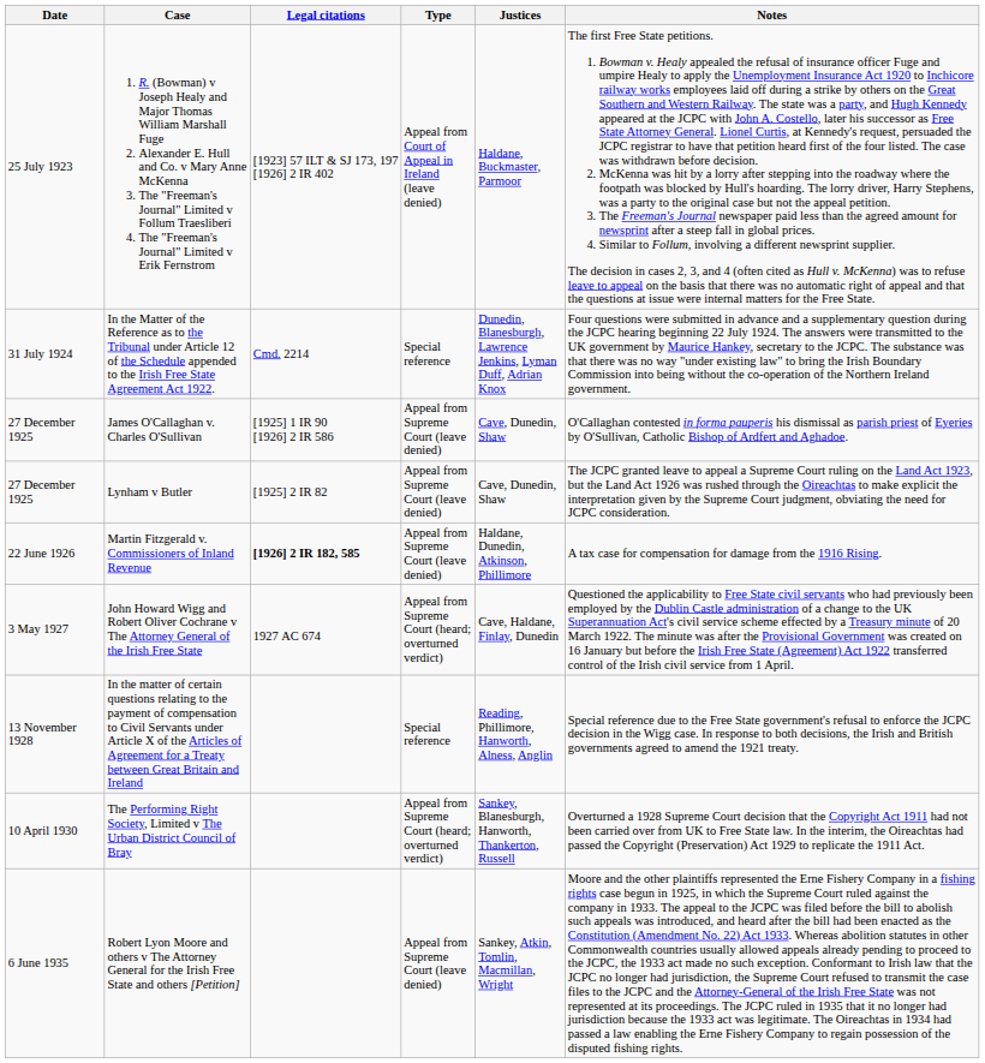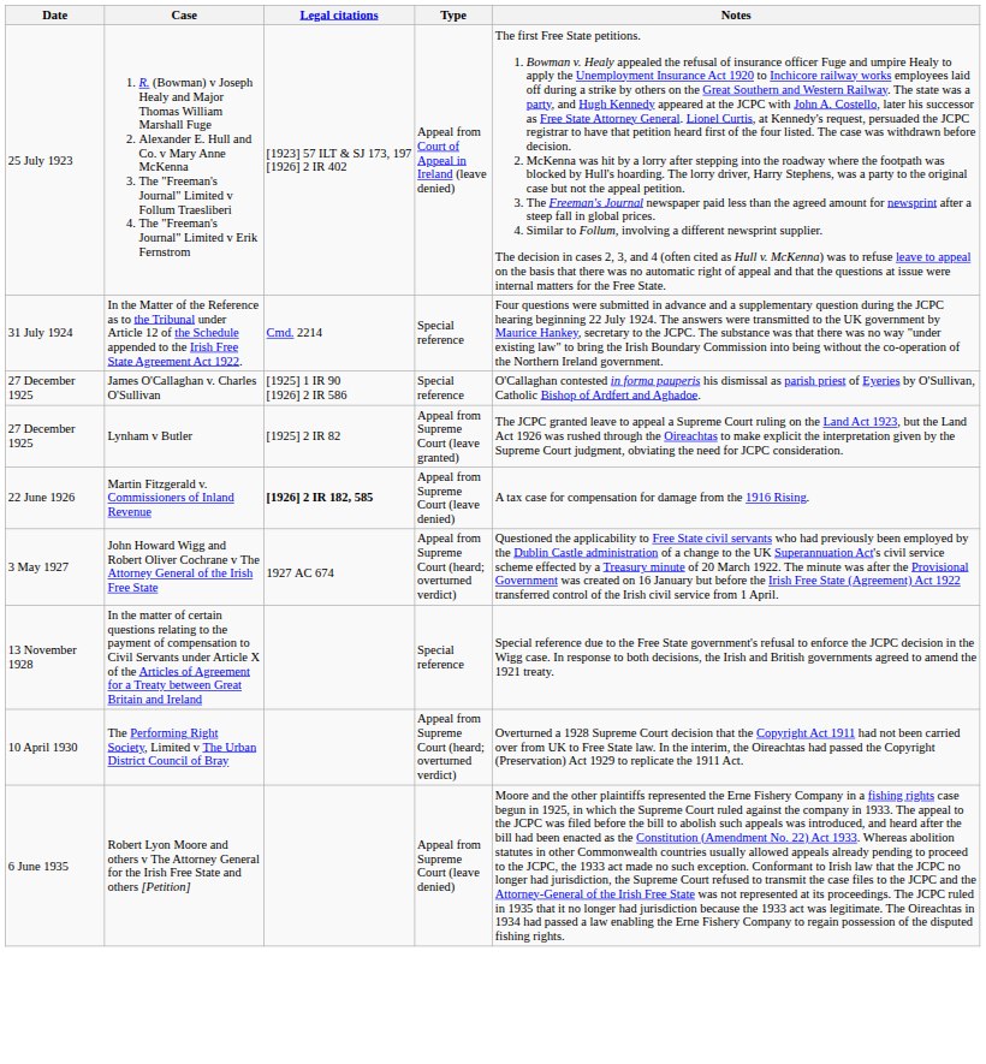 <table class="wikitable">
 <tr>
 <th>Date</th>
 <th>Case</th>
 <th><a href='#'>Legal citations</a></th>
 <th>Type</th>
-<th>Justices</th>
 <th>Notes</th>
 </tr>
 <tr>
 <td>25 July 1923</td>
 <td><br><ol><li><em><a href='#'>R.</a></em> (Bowman) v Joseph Healy and Major Thomas William Marshall Fuge</li><li>Alexander E. Hull and Co. v Mary Anne McKenna</li><li>The "Freeman's Journal" Limited v Follum Traesliberi</li><li>The "Freeman's Journal" Limited v Erik Fernstrom</li></ol></td>
 <td>[1923] 57 ILT & SJ 173, 197<br>[1926] 2 IR 402</td>
 <td>Appeal from <a href='#'>Court of Appeal in Ireland</a> (leave denied)</td>
-<td><a href='#'>Haldane</a>, <a href='#'>Buckmaster</a>, <a href='#'>Parmoor</a></td>
 <td>The first Free State petitions.<br><ol><li><em>Bowman v. Healy</em> appealed the refusal of insurance officer Fuge and umpire Healy to apply the <a href='#'>Unemployment Insurance Act 1920</a> to <a href='#'>Inchicore railway works</a> employees laid off during a strike by others on the <a href='#'>Great Southern and Western Railway</a>. The state was a <a href='#'>party</a>, and <a href='#'>Hugh Kennedy</a> appeared at the JCPC with <a href='#'>John A. Costello</a>, later his successor as <a href='#'>Free State Attorney General</a>. <a href='#'>Lionel Curtis</a>, at Kennedy's request, persuaded the JCPC registrar to have that petition heard first of the four listed. The case was withdrawn before decision.</li><li>McKenna was hit by a lorry after stepping into the roadway where the footpath was blocked by Hull's hoarding. The lorry driver, Harry Stephens, was a party to the original case but not the appeal petition.</li><li>The <em><a href='#'>Freeman's Journal</a></em> newspaper paid less than the agreed amount for <a href='#'>newsprint</a> after a steep fall in global prices.</li><li>Similar to <em>Follum</em>, involving a different newsprint supplier.</li></ol>The decision in cases 2, 3, and 4 (often cited as <em>Hull v. McKenna</em>) was to refuse <a href='#'>leave to appeal</a> on the basis that there was no automatic right of appeal and that the questions at issue were internal matters for the Free State.</td>
 </tr>
 <tr>
 <td>31 July 1924</td>
 <td>In the Matter of the Reference as to <a href='#'>the Tribunal</a> under Article 12 of <a href='#'>the Schedule</a> appended to the <a href='#'>Irish Free State Agreement Act 1922</a>.</td>
 <td><a href='#'>Cmd.</a> 2214</td>
 <td>Special reference</td>
-<td><a href='#'>Dunedin</a>, <a href='#'>Blanesburgh</a>, <a href='#'>Lawrence Jenkins</a>, <a href='#'>Lyman Duff</a>, <a href='#'>Adrian Knox</a></td>
 <td>Four questions were submitted in advance and a supplementary question during the JCPC hearing beginning 22 July 1924. The answers were transmitted to the UK government by <a href='#'>Maurice Hankey</a>, secretary to the JCPC. The substance was that there was no way "under existing law" to bring the Irish Boundary Commission into being without the co-operation of the Northern Ireland government.</td>
 </tr>
 <tr>
 <td>27 December 1925</td>
 <td>James O'Callaghan v. Charles O'Sullivan</td>
 <td>[1925] 1 IR 90<br>[1926] 2 IR 586</td>
-<td>Appeal from Supreme Court (leave denied)</td>
-<td><a href='#'>Cave</a>, Dunedin, <a href='#'>Shaw</a></td>
+<td>Special reference</td>
 <td>O'Callaghan contested <em><a href='#'>in forma pauperis</a></em> his dismissal as <a href='#'>parish priest</a> of <a href='#'>Eyeries</a> by O'Sullivan, Catholic <a href='#'>Bishop of Ardfert and Aghadoe</a>.</td>
 </tr>
 <tr>
 <td>27 December 1925</td>
 <td>Lynham v Butler</td>
 <td>[1925] 2 IR 82</td>
-<td>Appeal from Supreme Court (leave denied)</td>
-<td>Cave, Dunedin, Shaw</td>
+<td>Appeal from Supreme Court (leave granted)</td>
 <td>The JCPC granted leave to appeal a Supreme Court ruling on the <a href='#'>Land Act 1923</a>, but the Land Act 1926 was rushed through the <a href='#'>Oireachtas</a> to make explicit the interpretation given by the Supreme Court judgment, obviating the need for JCPC consideration.</td>
 </tr>
 <tr>
 <td>22 June 1926</td>
 <td>Martin Fitzgerald v. <a href='#'>Commissioners of Inland Revenue</a></td>
 <td><strong>[1926] 2 IR 182, 585</strong></td>
 <td>Appeal from Supreme Court (leave denied)</td>
-<td>Haldane, Dunedin, <a href='#'>Atkinson</a>, <a href='#'>Phillimore</a></td>
 <td>A tax case for compensation for damage from the <a href='#'>1916 Rising</a>.</td>
 </tr>
 <tr>
 <td width="120pt">3 May 1927</td>
 <td>John Howard Wigg and Robert Oliver Cochrane v The <a href='#'>Attorney General of the Irish Free State</a></td>
 <td><br>1927 AC 674</td>
 <td>Appeal from Supreme Court (heard; overturned verdict)</td>
-<td>Cave, Haldane, <a href='#'>Finlay</a>, Dunedin</td>
 <td>Questioned the applicability to <a href='#'>Free State civil servants</a> who had previously been employed by the <a href='#'>Dublin Castle administration</a> of a change to the UK <a href='#'>Superannuation Act</a>'s civil service scheme effected by a <a href='#'>Treasury minute</a> of 20 March 1922. The minute was after the <a href='#'>Provisional Government</a> was created on 16 January but before the <a href='#'>Irish Free State (Agreement) Act 1922</a> transferred control of the Irish civil service from 1 April.</td>
 </tr>
 <tr>
 <td>13 November 1928</td>
 <td>In the matter of certain questions relating to the payment of compensation to Civil Servants under Article X of the <a href='#'>Articles of Agreement for a Treaty between Great Britain and Ireland</a></td>
 <td></td>
 <td>Special reference</td>
-<td><a href='#'>Reading</a>, Phillimore, <a href='#'>Hanworth</a>, <a href='#'>Alness</a>, <a href='#'>Anglin</a></td>
 <td>Special reference due to the Free State government's refusal to enforce the JCPC decision in the Wigg case. In response to both decisions, the Irish and British governments agreed to amend the 1921 treaty.</td>
 </tr>
 <tr>
 <td>10 April 1930</td>
 <td>The <a href='#'>Performing Right Society</a>, Limited v <a href='#'>The Urban District Council of Bray</a></td>
 <td></td>
 <td>Appeal from Supreme Court (heard; overturned verdict)</td>
-<td><a href='#'>Sankey</a>, Blanesburgh, Hanworth, <a href='#'>Thankerton</a>, <a href='#'>Russell</a></td>
 <td>Overturned a 1928 Supreme Court decision that the <a href='#'>Copyright Act 1911</a> had not been carried over from UK to Free State law. In the interim, the Oireachtas had passed the Copyright (Preservation) Act 1929 to replicate the 1911 Act.</td>
 </tr>
 <tr>
 <td>6 June 1935</td>
 <td>Robert Lyon Moore and others v The Attorney General for the Irish Free State and others <em>[Petition]</em></td>
 <td><br></td>
 <td>Appeal from Supreme Court (leave denied)</td>
-<td>Sankey, <a href='#'>Atkin</a>, <a href='#'>Tomlin</a>, <a href='#'>Macmillan</a>, <a href='#'>Wright</a></td>
 <td>Moore and the other plaintiffs represented the Erne Fishery Company in a <a href='#'>fishing rights</a> case begun in 1925, in which the Supreme Court ruled against the company in 1933. The appeal to the JCPC was filed before the bill to abolish such appeals was introduced, and heard after the bill had been enacted as the <a href='#'>Constitution (Amendment No. 22) Act 1933</a>. Whereas abolition statutes in other Commonwealth countries usually allowed appeals already pending to proceed to the JCPC, the 1933 act made no such exception. Conformant to Irish law that the JCPC no longer had jurisdiction, the Supreme Court refused to transmit the case files to the JCPC and the <a href='#'>Attorney-General of the Irish Free State</a> was not represented at its proceedings. The JCPC ruled in 1935 that it no longer had jurisdiction because the 1933 act was legitimate. The Oireachtas in 1934 had passed a law enabling the Erne Fishery Company to regain possession of the disputed fishing rights.</td>
 </tr>
 </table>
